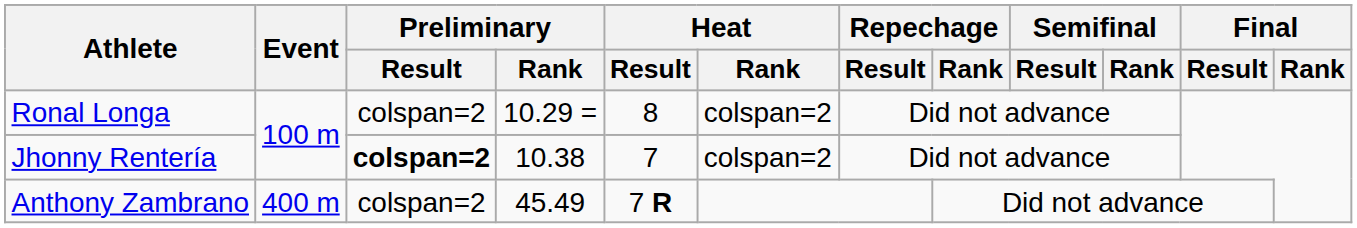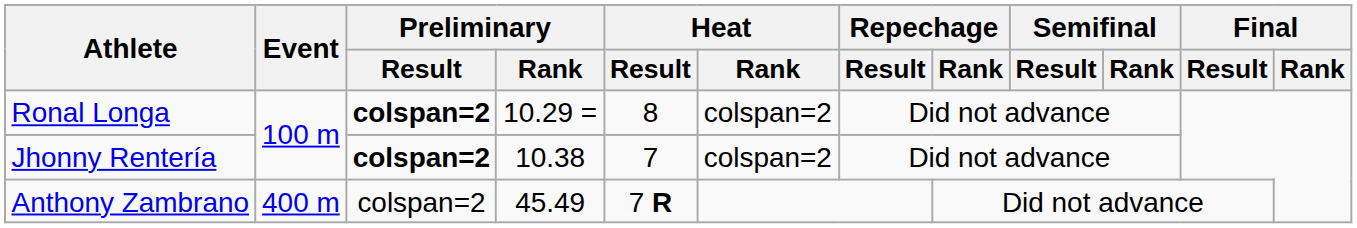 <table class="wikitable" style="font-size:90%">
 <tr>
 <th rowspan="2">Athlete</th>
 <th rowspan="2">Event</th>
 <th colspan="2">Preliminary</th>
 <th colspan="2">Heat</th>
 <th colspan="2">Repechage</th>
 <th colspan="2">Semifinal</th>
 <th colspan="2">Final</th>
 </tr>
 <tr style="font-size:95%">
 <th>Result</th>
 <th>Rank</th>
 <th>Result</th>
 <th>Rank</th>
 <th>Result</th>
 <th>Rank</th>
 <th>Result</th>
 <th>Rank</th>
 <th>Result</th>
 <th>Rank</th>
 </tr>
 <tr align=center>
 <td align=left><a href='#'>Ronal Longa</a></td>
 <td align=left rowspan=2><a href='#'>100 m</a></td>
-<td>colspan=2 </td>
+<td><strong>colspan=2 </strong></td>
 <td>10.29 =<strong></strong></td>
 <td>8</td>
 <td>colspan=2 </td>
 <td colspan=4>Did not advance</td>
 </tr>
 <tr align=center>
 <td align=left><a href='#'>Jhonny Rentería</a></td>
 <td><strong>colspan=2 </strong></td>
 <td>10.38</td>
 <td>7</td>
 <td>colspan=2 </td>
 <td colspan=4>Did not advance</td>
 </tr>
 <tr align=center>
 <td align=left><a href='#'>Anthony Zambrano</a></td>
 <td align=left rowspan=2><a href='#'>400 m</a></td>
 <td>colspan=2 </td>
 <td>45.49</td>
 <td>7 <strong>R</strong></td>
 <td colspan=2><strong></strong></td>
 <td colspan=4>Did not advance</td>
 </tr>
 </table>
